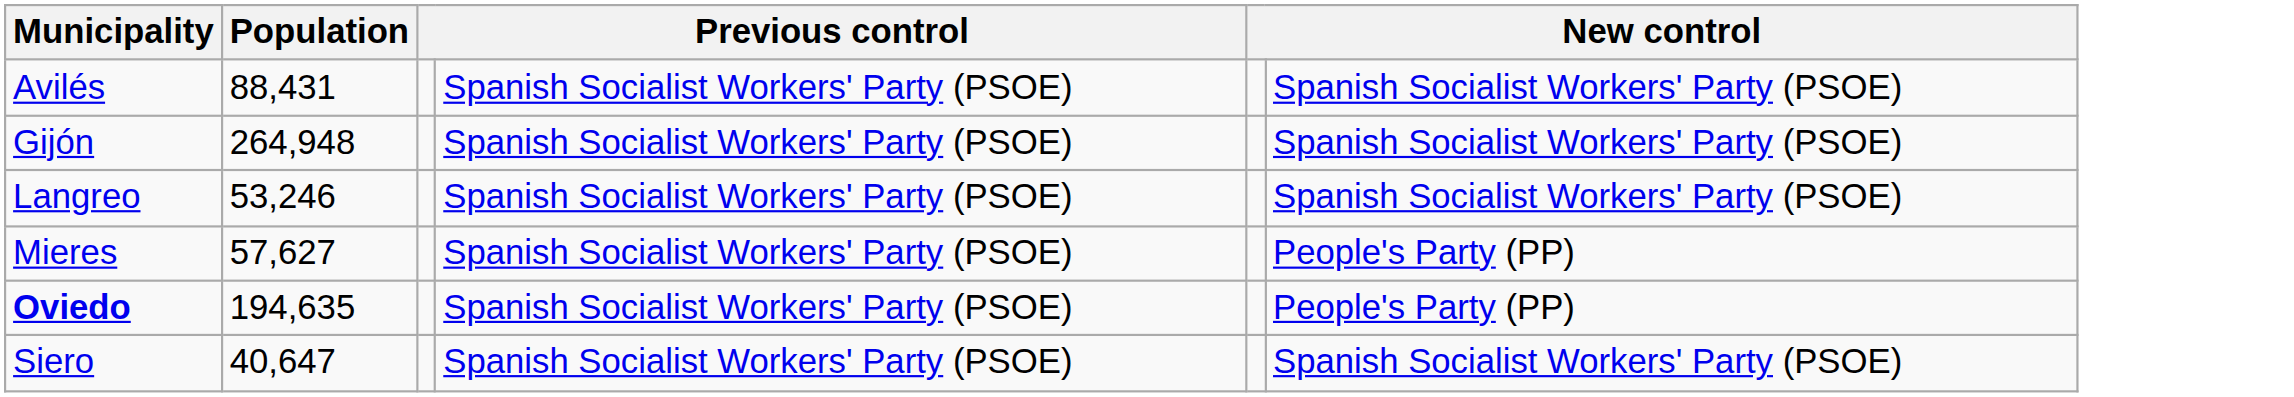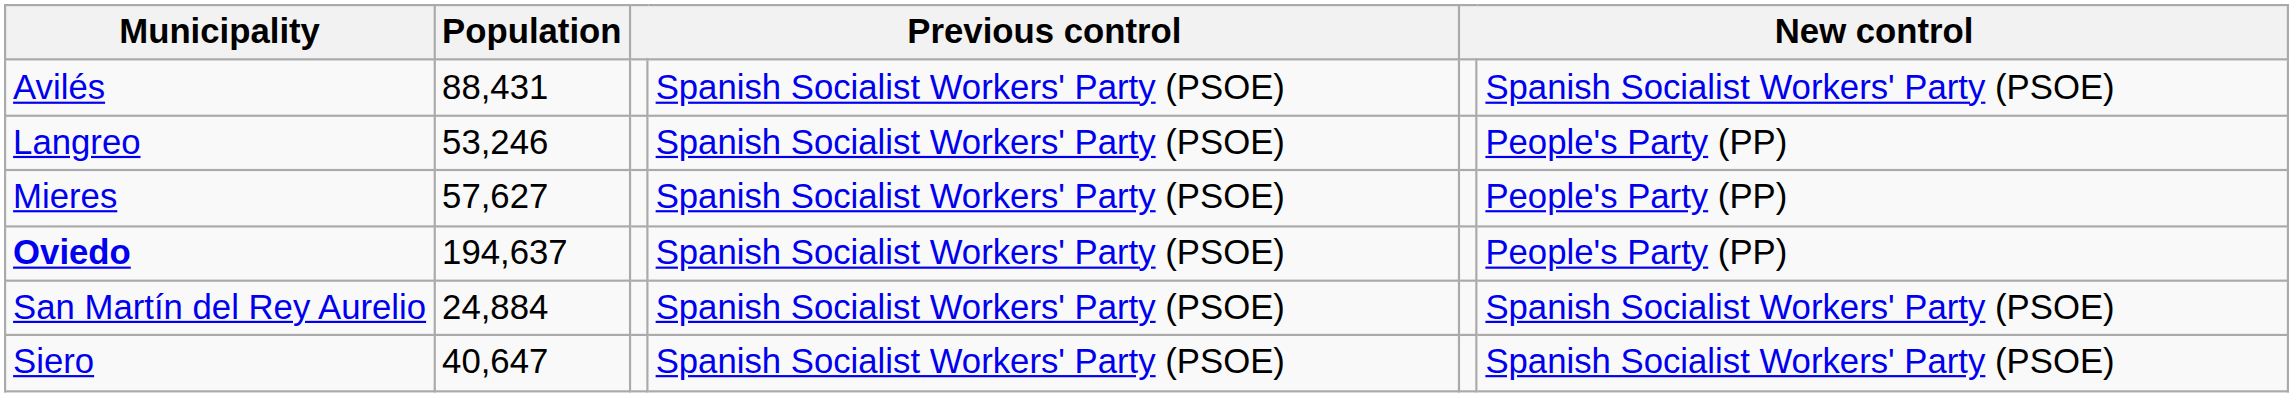 <table class="wikitable sortable">
 <tr>
 <th>Municipality</th>
 <th>Population</th>
 <th colspan="2" style="width:375px;">Previous control</th>
 <th colspan="2" style="width:375px;">New control</th>
 </tr>
 <tr>
 <td><a href='#'>Avilés</a></td>
 <td>88,431</td>
 <td width="1" style="color:inherit;background:"></td>
 <td><a href='#'>Spanish Socialist Workers' Party</a> (PSOE)</td>
 <td width="1" style="color:inherit;background:"></td>
 <td><a href='#'>Spanish Socialist Workers' Party</a> (PSOE)</td>
 </tr>
 <tr>
-<td><a href='#'>Gijón</a></td>
-<td>264,948</td>
-<td style="color:inherit;background:"></td>
-<td><a href='#'>Spanish Socialist Workers' Party</a> (PSOE)</td>
-<td style="color:inherit;background:"></td>
-<td><a href='#'>Spanish Socialist Workers' Party</a> (PSOE)</td>
-</tr>
-<tr>
 <td><a href='#'>Langreo</a></td>
 <td>53,246</td>
 <td style="color:inherit;background:"></td>
 <td><a href='#'>Spanish Socialist Workers' Party</a> (PSOE)</td>
 <td style="color:inherit;background:"></td>
-<td><a href='#'>Spanish Socialist Workers' Party</a> (PSOE)</td>
+<td><a href='#'>People's Party</a> (PP)</td>
 </tr>
 <tr>
 <td><a href='#'>Mieres</a></td>
 <td>57,627</td>
 <td style="color:inherit;background:"></td>
 <td><a href='#'>Spanish Socialist Workers' Party</a> (PSOE)</td>
 <td style="color:inherit;background:"></td>
 <td><a href='#'>People's Party</a> (PP)</td>
 </tr>
 <tr>
 <td><strong><a href='#'>Oviedo</a></strong></td>
-<td>194,635</td>
+<td>194,637</td>
 <td style="color:inherit;background:"></td>
 <td><a href='#'>Spanish Socialist Workers' Party</a> (PSOE)</td>
 <td style="color:inherit;background:"></td>
 <td><a href='#'>People's Party</a> (PP)</td>
+</tr>
+<tr>
+<td><a href='#'>San Martín del Rey Aurelio</a></td>
+<td>24,884</td>
+<td style="color:inherit;background:"></td>
+<td><a href='#'>Spanish Socialist Workers' Party</a> (PSOE)</td>
+<td style="color:inherit;background:"></td>
+<td><a href='#'>Spanish Socialist Workers' Party</a> (PSOE)</td>
 </tr>
 <tr>
 <td><a href='#'>Siero</a></td>
 <td>40,647</td>
 <td style="color:inherit;background:"></td>
 <td><a href='#'>Spanish Socialist Workers' Party</a> (PSOE)</td>
 <td style="color:inherit;background:"></td>
 <td><a href='#'>Spanish Socialist Workers' Party</a> (PSOE)</td>
 </tr>
 </table>
